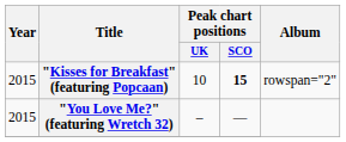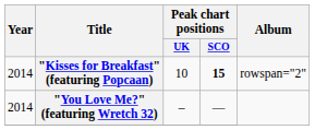 <table class="wikitable plainrowheaders" style="text-align:center;">
 <tr>
 <th scope="col" rowspan="2">Year</th>
 <th scope="col" rowspan="2">Title</th>
 <th scope="col" colspan="2">Peak chart positions</th>
 <th scope="col" rowspan="2">Album</th>
 </tr>
 <tr>
 <th scope="col" style="width:3em;font-size:85%;"><a href='#'>UK</a><br></th>
 <th scope="col" style="width:3em;font-size:85%;"><a href='#'>SCO</a><br></th>
 </tr>
 <tr>
-<td>2015</td>
+<td>2014</td>
 <th scope="row">"<a href='#'>Kisses for Breakfast</a>"<br><span>(featuring <a href='#'>Popcaan</a>)</span></th>
 <td>10</td>
 <td><strong>15</strong></td>
 <td>rowspan="2" </td>
 </tr>
 <tr>
-<td>2015</td>
+<td>2014</td>
 <th scope="row">"<a href='#'>You Love Me?</a>"<br><span>(featuring <a href='#'>Wretch 32</a>)<br></span></th>
 <td>–</td>
 <td>—</td>
 </tr>
 <tr>
 </tr>
 </table>
